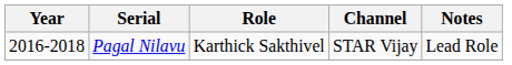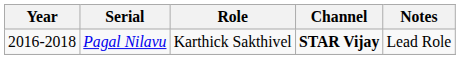 <table class="wikitable sortable">
 <tr>
 <th>Year</th>
 <th>Serial</th>
 <th>Role</th>
 <th>Channel</th>
 <th>Notes</th>
 </tr>
 <tr>
 <td>2016-2018</td>
 <td><em><a href='#'>Pagal Nilavu</a></em></td>
 <td>Karthick Sakthivel</td>
-<td>STAR Vijay</td>
+<td><strong>STAR Vijay</strong></td>
 <td>Lead Role</td>
 </tr>
 <tr>
 </tr>
 </table>
